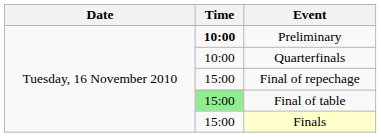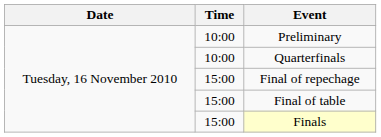 <table class = "wikitable" style="text-align:center;">
 <tr>
 <th width=220>Date</th>
 <th width=50>Time</th>
 <th width=150>Event</th>
 </tr>
 <tr>
 <td rowspan=5>Tuesday, 16 November 2010</td>
-<td><strong>10:00</strong></td>
+<td>10:00</td>
 <td>Preliminary</td>
 </tr>
 <tr>
 <td>10:00</td>
 <td>Quarterfinals</td>
 </tr>
 <tr>
 <td>15:00</td>
 <td>Final of repechage</td>
 </tr>
 <tr>
-<td style="background: lightgreen;">15:00</td>
+<td>15:00</td>
 <td>Final of table</td>
 </tr>
 <tr>
 <td>15:00</td>
 <td bgcolor=ffffcc>Finals</td>
 </tr>
 </table>
